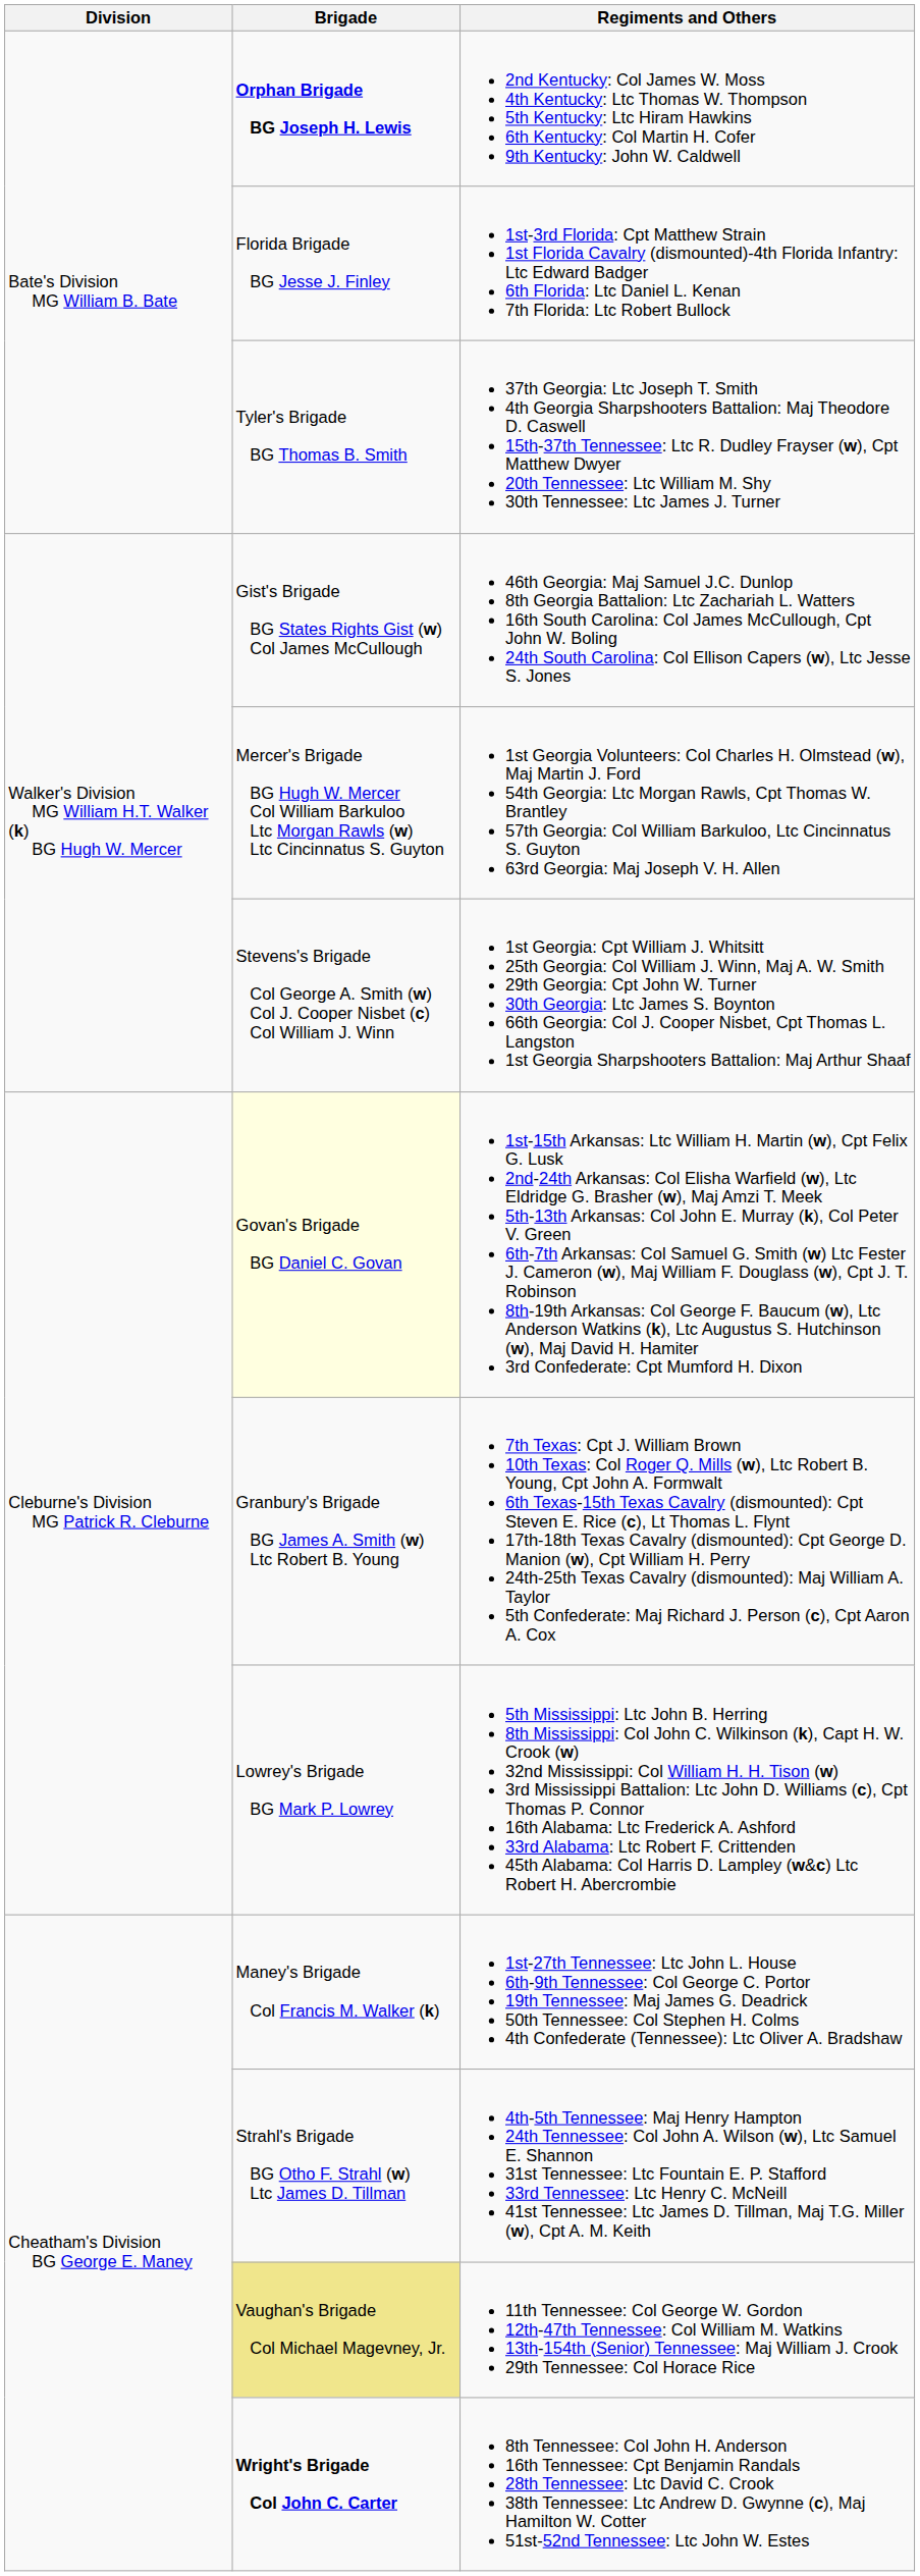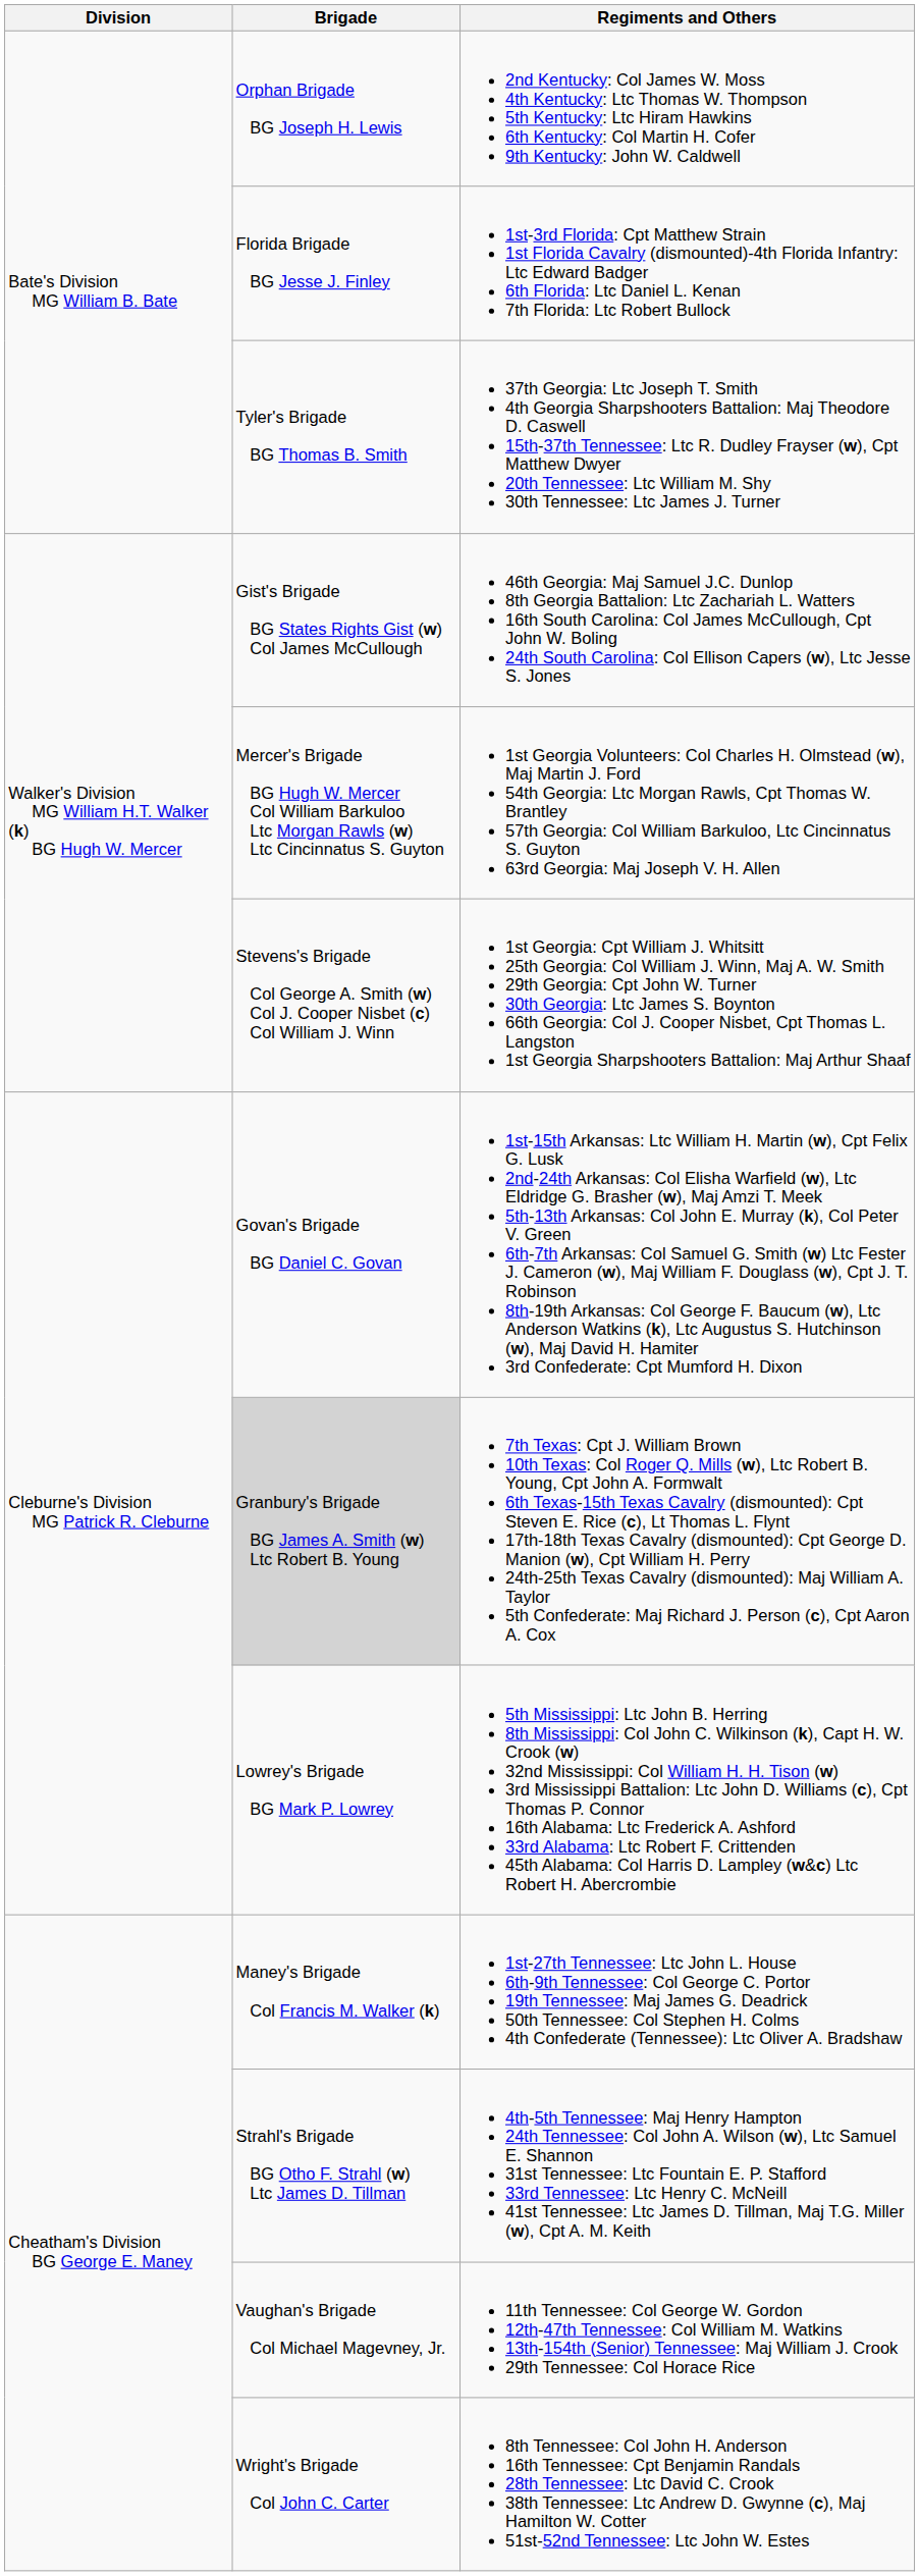 <table class="wikitable">
 <tr>
 <th width=25%>Division</th>
 <th width=25%>Brigade</th>
 <th>Regiments and Others</th>
 </tr>
 <tr>
 <td rowspan=3><br>Bate's Division <br>     MG <a href='#'>William B. Bate</a></td>
-<td><strong><a href='#'>Orphan Brigade</a><br><br>   BG <a href='#'>Joseph H. Lewis</a></strong></td>
+<td><a href='#'>Orphan Brigade</a><br><br>   BG <a href='#'>Joseph H. Lewis</a></td>
 <td><br><ul><li><a href='#'>2nd Kentucky</a>: Col James W. Moss</li><li><a href='#'>4th Kentucky</a>: Ltc Thomas W. Thompson</li><li><a href='#'>5th Kentucky</a>: Ltc Hiram Hawkins</li><li><a href='#'>6th Kentucky</a>: Col Martin H. Cofer</li><li><a href='#'>9th Kentucky</a>: John W. Caldwell</li></ul></td>
 </tr>
 <tr>
 <td>Florida Brigade<br><br>   BG <a href='#'>Jesse J. Finley</a></td>
 <td><br><ul><li><a href='#'>1st</a>-<a href='#'>3rd Florida</a>: Cpt Matthew Strain</li><li><a href='#'>1st Florida Cavalry</a> (dismounted)-4th Florida Infantry: Ltc Edward Badger</li><li><a href='#'>6th Florida</a>: Ltc Daniel L. Kenan</li><li>7th Florida: Ltc Robert Bullock</li></ul></td>
 </tr>
 <tr>
 <td>Tyler's Brigade<br><br>   BG <a href='#'>Thomas B. Smith</a></td>
 <td><br><ul><li>37th Georgia: Ltc Joseph T. Smith</li><li>4th Georgia Sharpshooters Battalion: Maj Theodore D. Caswell</li><li><a href='#'>15th</a>-<a href='#'>37th Tennessee</a>: Ltc R. Dudley Frayser (<strong>w</strong>), Cpt Matthew Dwyer</li><li><a href='#'>20th Tennessee</a>: Ltc William M. Shy</li><li>30th Tennessee: Ltc James J. Turner</li></ul></td>
 </tr>
 <tr>
 <td rowspan=3><br>Walker's Division <br>     MG <a href='#'>William H.T. Walker</a> (<strong>k</strong>) <br>     BG <a href='#'>Hugh W. Mercer</a></td>
 <td>Gist's Brigade<br><br>   BG <a href='#'>States Rights Gist</a> (<strong>w</strong>) <br>   Col James McCullough</td>
 <td><br><ul><li>46th Georgia: Maj Samuel J.C. Dunlop</li><li>8th Georgia Battalion: Ltc Zachariah L. Watters</li><li>16th South Carolina: Col James McCullough, Cpt John W. Boling</li><li><a href='#'>24th South Carolina</a>: Col Ellison Capers (<strong>w</strong>), Ltc Jesse S. Jones</li></ul></td>
 </tr>
 <tr>
 <td>Mercer's Brigade<br><br>   BG <a href='#'>Hugh W. Mercer</a> <br>   Col William Barkuloo <br>   Ltc <a href='#'>Morgan Rawls</a> (<strong>w</strong>) <br>   Ltc Cincinnatus S. Guyton</td>
 <td><br><ul><li>1st Georgia Volunteers: Col Charles H. Olmstead (<strong>w</strong>), Maj Martin J. Ford</li><li>54th Georgia: Ltc Morgan Rawls, Cpt Thomas W. Brantley</li><li>57th Georgia: Col William Barkuloo, Ltc Cincinnatus S. Guyton</li><li>63rd Georgia: Maj Joseph V. H. Allen</li></ul></td>
 </tr>
 <tr>
 <td>Stevens's Brigade<br><br>   Col George A. Smith (<strong>w</strong>) <br>   Col J. Cooper Nisbet (<strong>c</strong>) <br>   Col William J. Winn</td>
 <td><br><ul><li>1st Georgia: Cpt William J. Whitsitt</li><li>25th Georgia: Col William J. Winn, Maj A. W. Smith</li><li>29th Georgia: Cpt John W. Turner</li><li><a href='#'>30th Georgia</a>: Ltc James S. Boynton</li><li>66th Georgia: Col J. Cooper Nisbet, Cpt Thomas L. Langston</li><li>1st Georgia Sharpshooters Battalion: Maj Arthur Shaaf</li></ul></td>
 </tr>
 <tr>
 <td rowspan=3><br>Cleburne's Division <br>     MG <a href='#'>Patrick R. Cleburne</a></td>
-<td style="background: lightyellow;">Govan's Brigade<br><br>   BG <a href='#'>Daniel C. Govan</a></td>
+<td>Govan's Brigade<br><br>   BG <a href='#'>Daniel C. Govan</a></td>
 <td><br><ul><li><a href='#'>1st</a>-<a href='#'>15th</a> Arkansas: Ltc William H. Martin (<strong>w</strong>), Cpt Felix G. Lusk</li><li><a href='#'>2nd</a>-<a href='#'>24th</a> Arkansas: Col Elisha Warfield (<strong>w</strong>), Ltc Eldridge G. Brasher (<strong>w</strong>), Maj Amzi T. Meek</li><li><a href='#'>5th</a>-<a href='#'>13th</a> Arkansas: Col John E. Murray (<strong>k</strong>), Col Peter V. Green</li><li><a href='#'>6th</a>-<a href='#'>7th</a> Arkansas: Col Samuel G. Smith (<strong>w</strong>) Ltc Fester J. Cameron (<strong>w</strong>), Maj William F. Douglass (<strong>w</strong>), Cpt J. T. Robinson</li><li><a href='#'>8th</a>-19th Arkansas: Col George F. Baucum (<strong>w</strong>), Ltc Anderson Watkins (<strong>k</strong>), Ltc Augustus S. Hutchinson (<strong>w</strong>), Maj David H. Hamiter</li><li>3rd Confederate: Cpt Mumford H. Dixon</li></ul></td>
 </tr>
 <tr>
-<td>Granbury's Brigade<br><br>   BG <a href='#'>James A. Smith</a> (<strong>w</strong>) <br>   Ltc Robert B. Young</td>
+<td style="background: lightgrey;">Granbury's Brigade<br><br>   BG <a href='#'>James A. Smith</a> (<strong>w</strong>) <br>   Ltc Robert B. Young</td>
 <td><br><ul><li><a href='#'>7th Texas</a>: Cpt J. William Brown</li><li><a href='#'>10th Texas</a>: Col <a href='#'>Roger Q. Mills</a> (<strong>w</strong>), Ltc Robert B. Young, Cpt John A. Formwalt</li><li><a href='#'>6th Texas</a>-<a href='#'>15th Texas Cavalry</a> (dismounted): Cpt Steven E. Rice (<strong>c</strong>), Lt Thomas L. Flynt</li><li>17th-18th Texas Cavalry (dismounted): Cpt George D. Manion (<strong>w</strong>), Cpt William H. Perry</li><li>24th-25th Texas Cavalry (dismounted): Maj William A. Taylor</li><li>5th Confederate: Maj Richard J. Person (<strong>c</strong>), Cpt Aaron A. Cox</li></ul></td>
 </tr>
 <tr>
 <td>Lowrey's Brigade<br><br>   BG <a href='#'>Mark P. Lowrey</a></td>
 <td><br><ul><li><a href='#'>5th Mississippi</a>: Ltc John B. Herring</li><li><a href='#'>8th Mississippi</a>: Col John C. Wilkinson (<strong>k</strong>), Capt H. W. Crook (<strong>w</strong>)</li><li>32nd Mississippi: Col <a href='#'>William H. H. Tison</a> (<strong>w</strong>)</li><li>3rd Mississippi Battalion: Ltc John D. Williams (<strong>c</strong>), Cpt Thomas P. Connor</li><li>16th Alabama: Ltc Frederick A. Ashford</li><li><a href='#'>33rd Alabama</a>: Ltc Robert F. Crittenden</li><li>45th Alabama: Col Harris D. Lampley (<strong>w</strong>&<strong>c</strong>) Ltc Robert H. Abercrombie</li></ul></td>
 </tr>
 <tr>
 <td rowspan=4><br>Cheatham's Division <br>     BG <a href='#'>George E. Maney</a></td>
 <td>Maney's Brigade<br><br>   Col <a href='#'>Francis M. Walker</a> (<strong>k</strong>)</td>
 <td><br><ul><li><a href='#'>1st</a>-<a href='#'>27th Tennessee</a>: Ltc John L. House</li><li><a href='#'>6th</a>-<a href='#'>9th Tennessee</a>: Col George C. Portor</li><li><a href='#'>19th Tennessee</a>: Maj James G. Deadrick</li><li>50th Tennessee: Col Stephen H. Colms</li><li>4th Confederate (Tennessee): Ltc Oliver A. Bradshaw</li></ul></td>
 </tr>
 <tr>
 <td>Strahl's Brigade<br><br>   BG <a href='#'>Otho F. Strahl</a> (<strong>w</strong>) <br>   Ltc <a href='#'>James D. Tillman</a></td>
 <td><br><ul><li><a href='#'>4th</a>-<a href='#'>5th Tennessee</a>: Maj Henry Hampton</li><li><a href='#'>24th Tennessee</a>: Col John A. Wilson (<strong>w</strong>), Ltc Samuel E. Shannon</li><li>31st Tennessee: Ltc Fountain E. P. Stafford</li><li><a href='#'>33rd Tennessee</a>: Ltc Henry C. McNeill</li><li>41st Tennessee: Ltc James D. Tillman, Maj T.G. Miller (<strong>w</strong>), Cpt A. M. Keith</li></ul></td>
 </tr>
 <tr>
-<td style="background: khaki;">Vaughan's Brigade<br><br>   Col Michael Magevney, Jr.</td>
+<td>Vaughan's Brigade<br><br>   Col Michael Magevney, Jr.</td>
 <td><br><ul><li>11th Tennessee: Col George W. Gordon</li><li><a href='#'>12th</a>-<a href='#'>47th Tennessee</a>: Col William M. Watkins</li><li><a href='#'>13th</a>-<a href='#'>154th (Senior) Tennessee</a>: Maj William J. Crook</li><li>29th Tennessee: Col Horace Rice</li></ul></td>
 </tr>
 <tr>
-<td><strong>Wright's Brigade<br><br>   Col <a href='#'>John C. Carter</a></strong></td>
+<td>Wright's Brigade<br><br>   Col <a href='#'>John C. Carter</a></td>
 <td><br><ul><li>8th Tennessee: Col John H. Anderson</li><li>16th Tennessee: Cpt Benjamin Randals</li><li><a href='#'>28th Tennessee</a>: Ltc David C. Crook</li><li>38th Tennessee: Ltc Andrew D. Gwynne (<strong>c</strong>), Maj Hamilton W. Cotter</li><li>51st-<a href='#'>52nd Tennessee</a>: Ltc John W. Estes</li></ul></td>
 </tr>
 </table>
